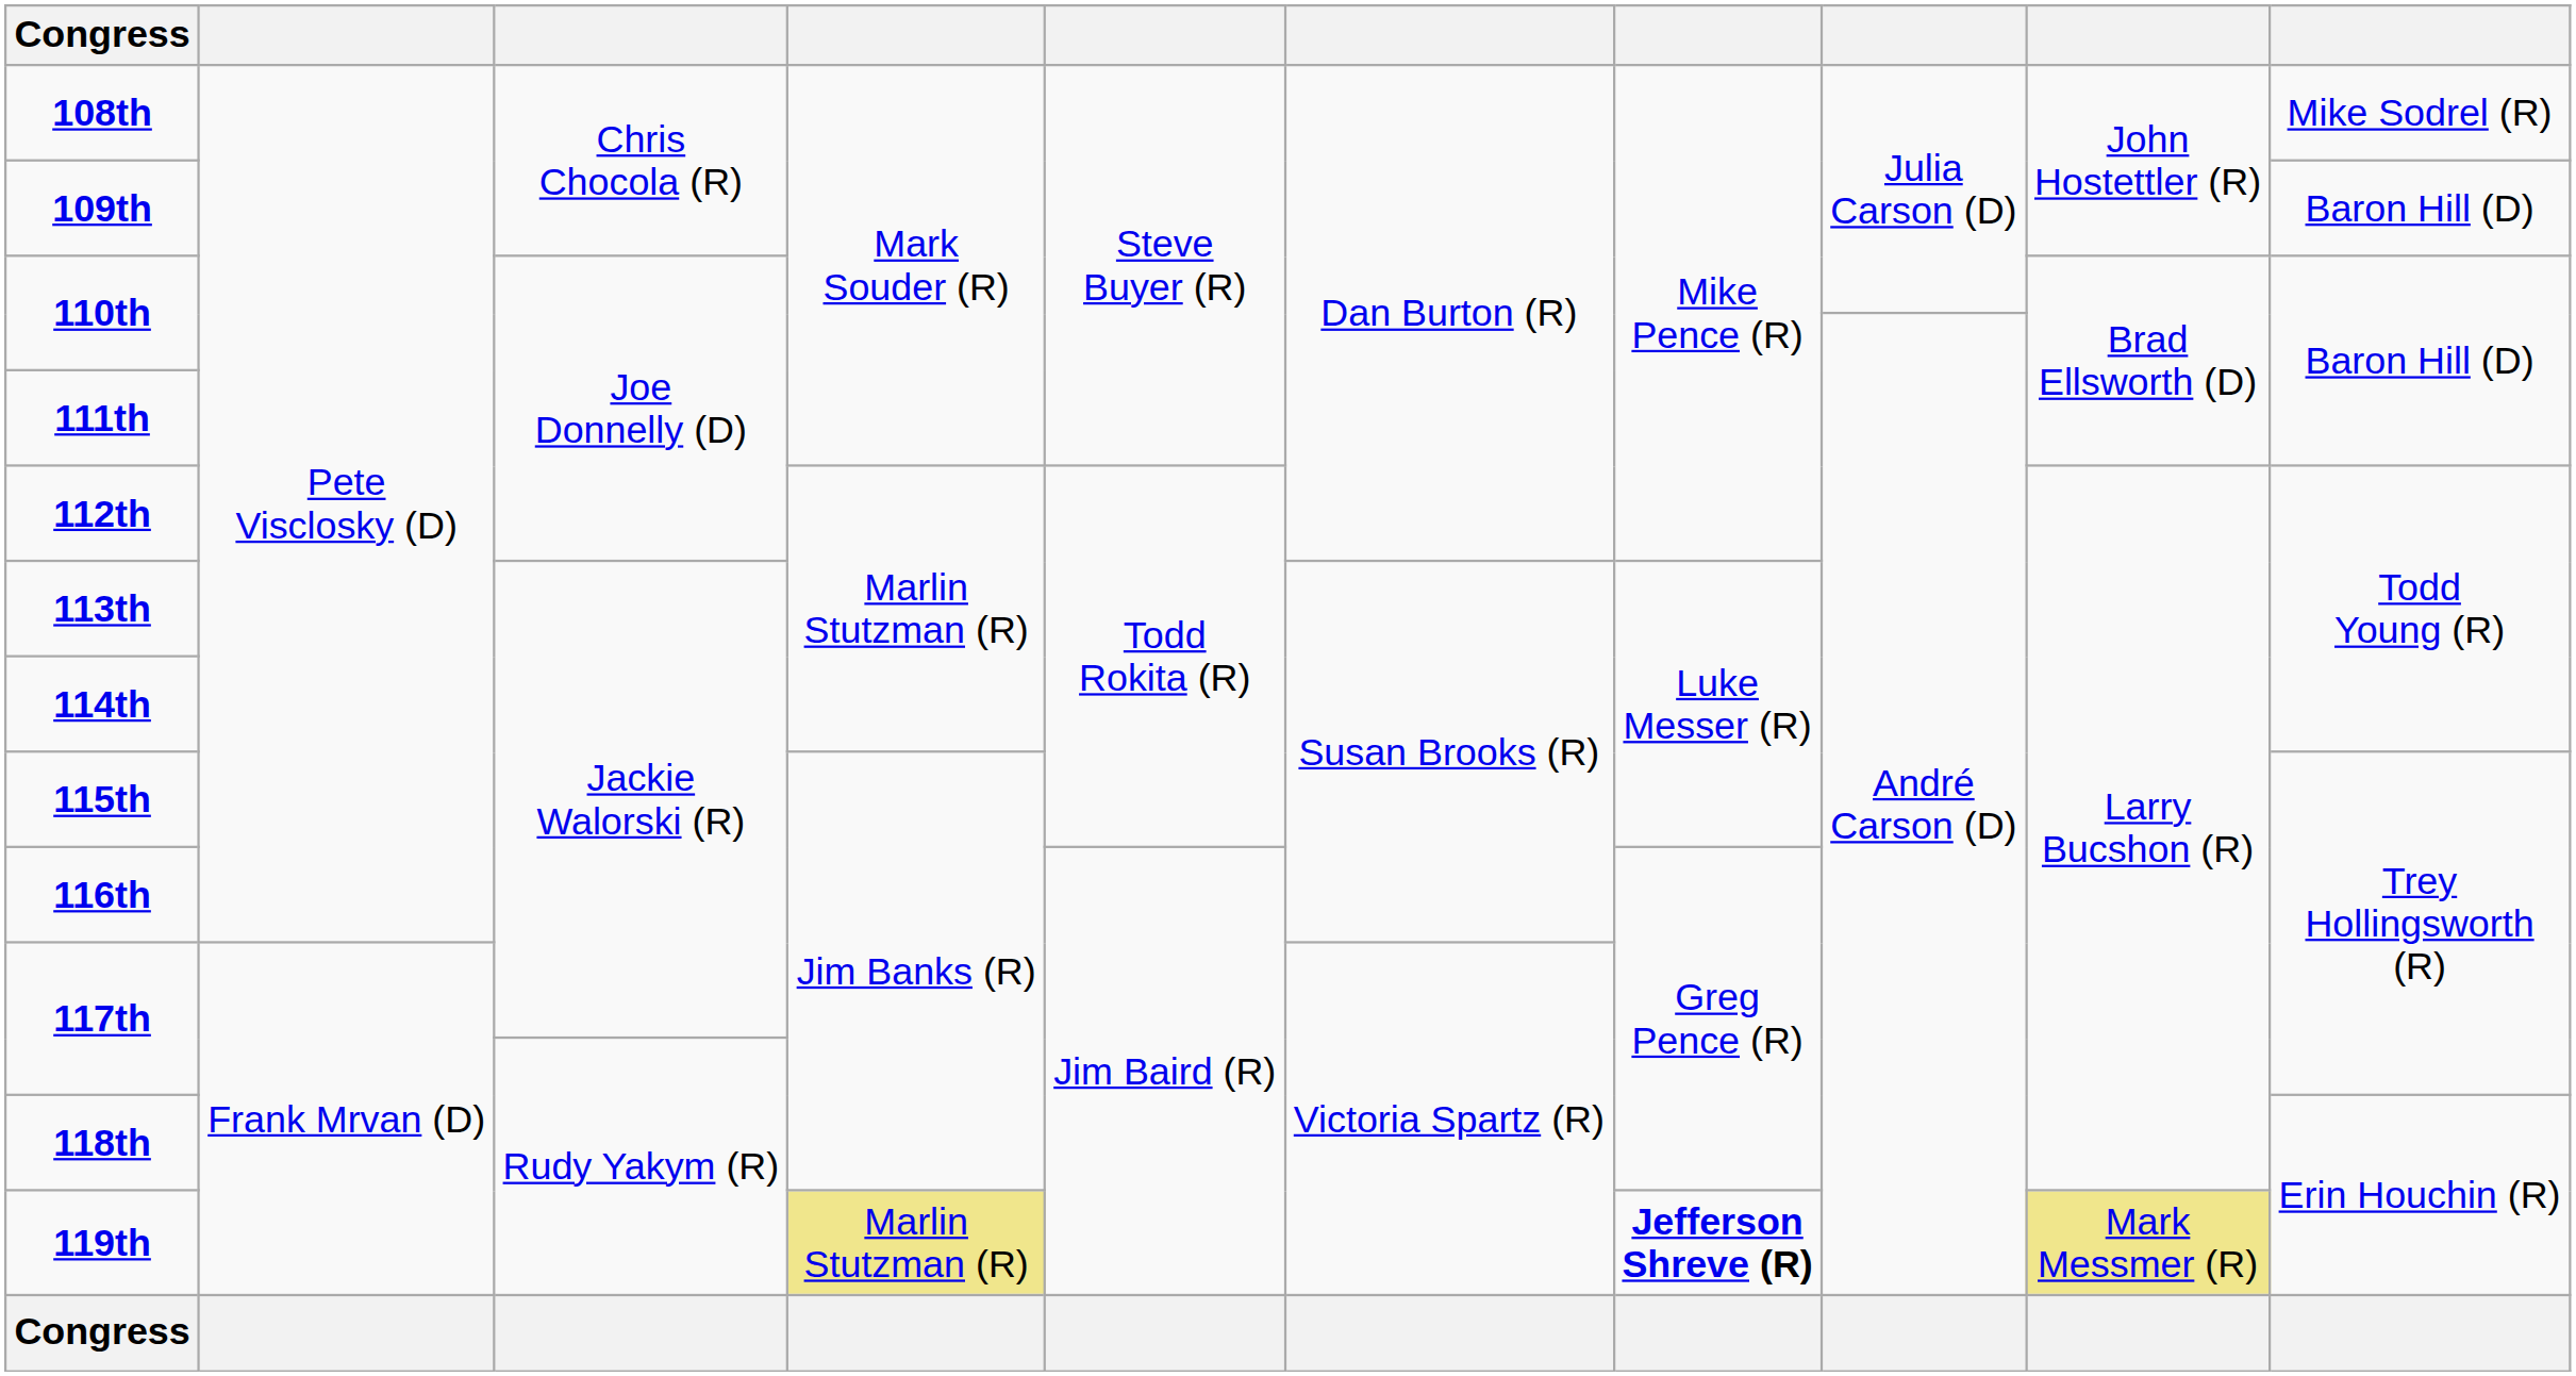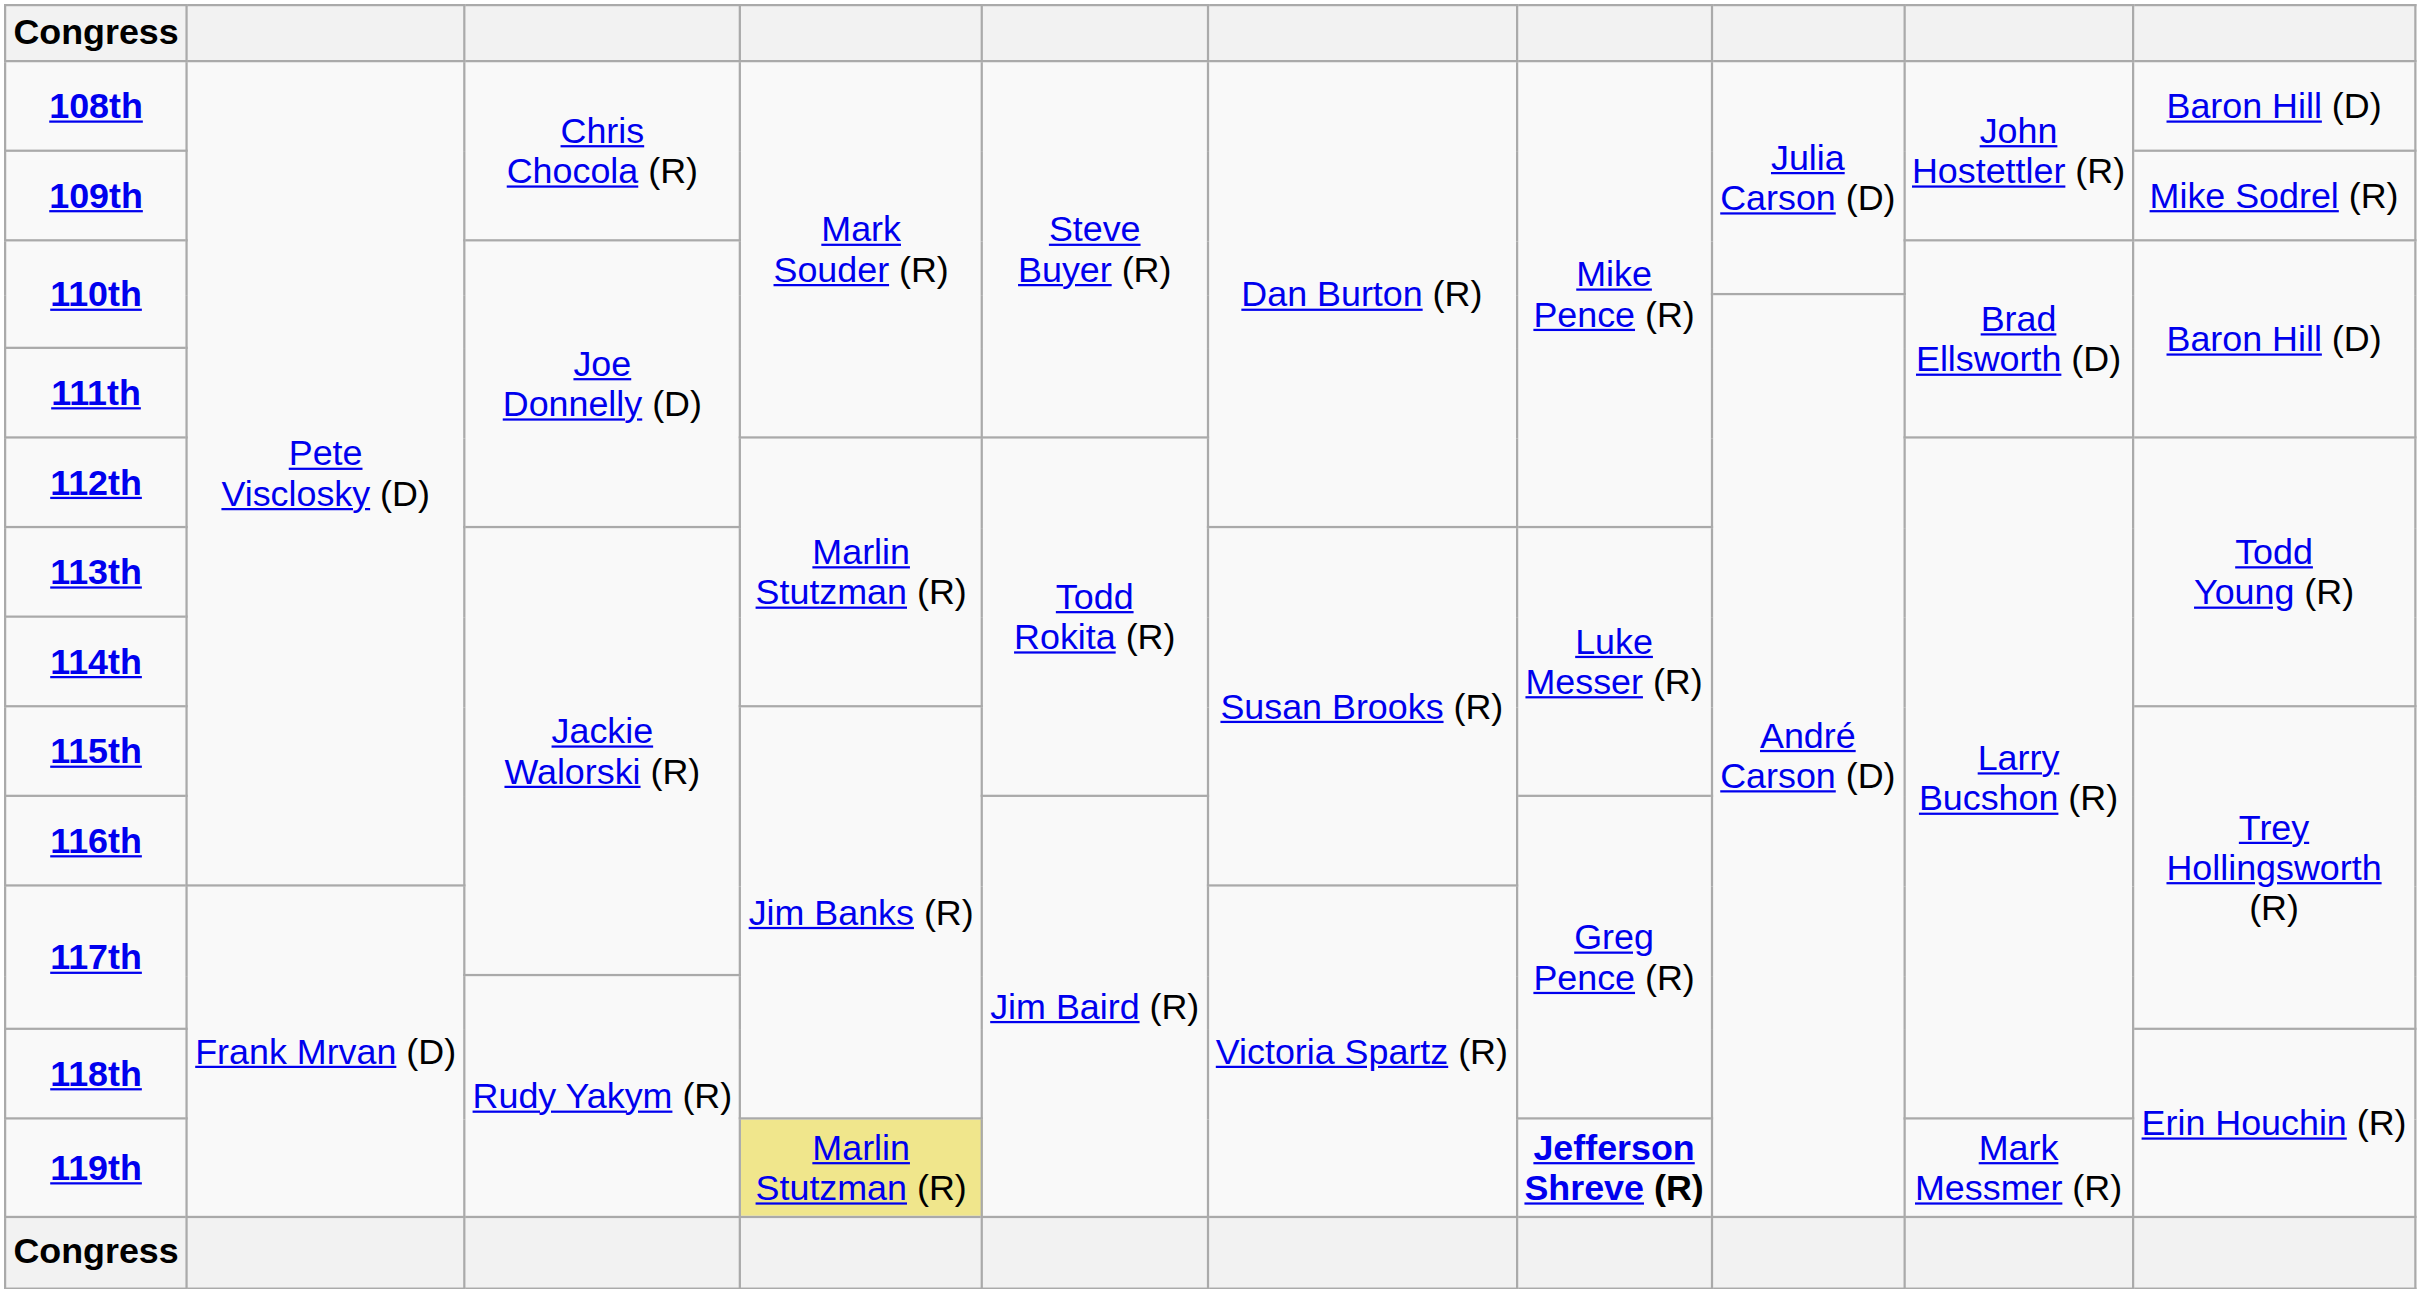 <table class="wikitable" style="text-align:center;">
 <tr>
 <th>Congress</th>
 <th></th>
 <th></th>
 <th></th>
 <th></th>
 <th></th>
 <th></th>
 <th></th>
 <th></th>
 <th></th>
 </tr>
 <tr style="height:2.5em">
 <td><strong><a href='#'>108th</a></strong> </td>
 <td rowspan="10" ><a href='#'>Pete<br>Visclosky</a> (D)</td>
 <td rowspan=2 ><a href='#'>Chris<br>Chocola</a> (R)</td>
 <td rowspan="5" ><a href='#'>Mark<br>Souder</a> (R)</td>
 <td rowspan="5" ><a href='#'>Steve<br>Buyer</a> (R)</td>
 <td rowspan="6" ><a href='#'>Dan Burton</a> (R)</td>
 <td rowspan="6" ><a href='#'>Mike<br>Pence</a> (R)</td>
 <td rowspan="3" ><a href='#'>Julia<br>Carson</a> (D)</td>
 <td rowspan="2" ><a href='#'>John<br>Hostettler</a> (R)</td>
-<td><a href='#'>Mike Sodrel</a> (R)</td>
+<td><a href='#'>Baron Hill</a> (D)</td>
 </tr>
 <tr style="height:2.5em">
 <td><strong><a href='#'>109th</a></strong> </td>
-<td><a href='#'>Baron Hill</a> (D)</td>
+<td><a href='#'>Mike Sodrel</a> (R)</td>
 </tr>
 <tr style=height:1.5em>
 <td rowspan="2"><strong><a href='#'>110th</a></strong> </td>
 <td rowspan="4" ><a href='#'>Joe<br>Donnelly</a> (D)</td>
 <td rowspan="3" ><a href='#'>Brad<br>Ellsworth</a> (D)</td>
 <td rowspan="3" ><a href='#'>Baron Hill</a> (D)</td>
 </tr>
 <tr style="height:1.5em">
 <td rowspan="11" ><a href='#'>André<br>Carson</a> (D)</td>
 </tr>
 <tr style="height:2.5em">
 <td><strong><a href='#'>111th</a></strong> </td>
 </tr>
 <tr style="height:2.5em">
 <td><strong><a href='#'>112th</a></strong> </td>
 <td rowspan=3 ><a href='#'>Marlin<br>Stutzman</a> (R)</td>
 <td rowspan=4 ><a href='#'>Todd<br>Rokita</a> (R)</td>
 <td rowspan=8 ><a href='#'>Larry<br>Bucshon</a> (R)</td>
 <td rowspan=3 ><a href='#'>Todd<br>Young</a> (R)</td>
 </tr>
 <tr style="height:2.5em">
 <td><strong><a href='#'>113th</a></strong> </td>
 <td rowspan=5 ><a href='#'>Jackie<br>Walorski</a> (R)</td>
 <td rowspan=4 ><a href='#'>Susan Brooks</a> (R)</td>
 <td rowspan=3 ><a href='#'>Luke<br>Messer</a> (R)</td>
 </tr>
 <tr style="height:2.5em">
 <td><strong><a href='#'>114th</a></strong> </td>
 </tr>
 <tr style="height:2.5em">
 <td><strong><a href='#'>115th</a></strong> </td>
 <td rowspan=5 ><a href='#'>Jim Banks</a> (R)</td>
 <td rowspan=4 ><a href='#'>Trey<br>Hollingsworth</a><br>(R)</td>
 </tr>
 <tr style="height:2.5em">
 <td><strong><a href='#'>116th</a></strong> </td>
 <td rowspan=5 ><a href='#'>Jim Baird</a> (R)</td>
 <td rowspan=4 ><a href='#'>Greg<br>Pence</a> (R)</td>
 </tr>
 <tr style="height:2.5em">
 <td rowspan="2"><strong><a href='#'>117th</a></strong> </td>
 <td rowspan=4 ><a href='#'>Frank Mrvan</a> (D)</td>
 <td rowspan=4 ><a href='#'>Victoria Spartz</a> (R)</td>
 </tr>
 <tr style="height:1.5em">
 <td rowspan=3 ><a href='#'>Rudy Yakym</a> (R)</td>
 </tr>
 <tr style="height:2.5em">
 <td><strong><a href='#'>118th</a></strong> </td>
 <td rowspan=2 ><a href='#'>Erin Houchin</a> (R)</td>
 </tr>
 <tr style="height:2.5em">
 <td><strong><a href='#'>119th</a></strong> </td>
 <td style="background: khaki;"><a href='#'>Marlin<br>Stutzman</a> (R)</td>
 <td><strong><a href='#'>Jefferson<br>Shreve</a> (R)</strong></td>
-<td style="background: khaki;"><a href='#'>Mark<br>Messmer</a> (R)</td>
+<td><a href='#'>Mark<br>Messmer</a> (R)</td>
 </tr>
 <tr style="height:2em">
 <th>Congress</th>
 <th></th>
 <th></th>
 <th></th>
 <th></th>
 <th></th>
 <th></th>
 <th></th>
 <th></th>
 <th></th>
 </tr>
 </table>
